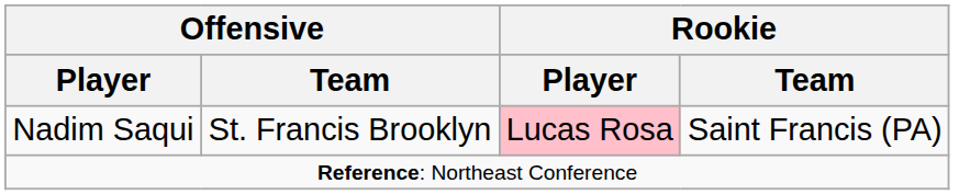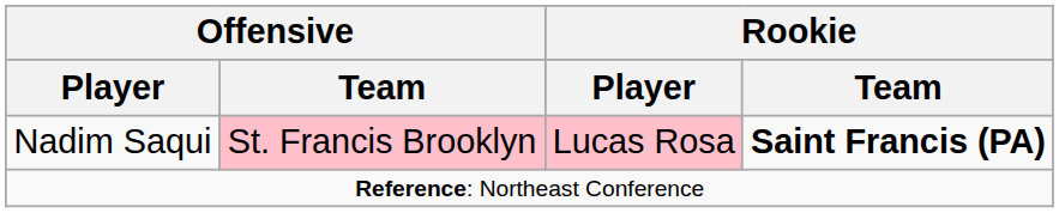 <table class="wikitable">
 <tr>
 <th colspan="2">Offensive</th>
 <th colspan="2">Rookie</th>
 </tr>
 <tr>
 <th>Player</th>
 <th>Team</th>
 <th>Player</th>
 <th>Team</th>
 </tr>
 <tr>
 <td>Nadim Saqui</td>
-<td>St. Francis Brooklyn</td>
+<td style="background: pink;">St. Francis Brooklyn</td>
 <td style="background: pink;">Lucas Rosa</td>
-<td>Saint Francis (PA)</td>
+<td><strong>Saint Francis (PA)</strong></td>
 </tr>
 <tr>
 <td colspan="12"  style="font-size:8pt; text-align:center;"><strong>Reference</strong>: Northeast Conference</td>
 </tr>
 </table>
